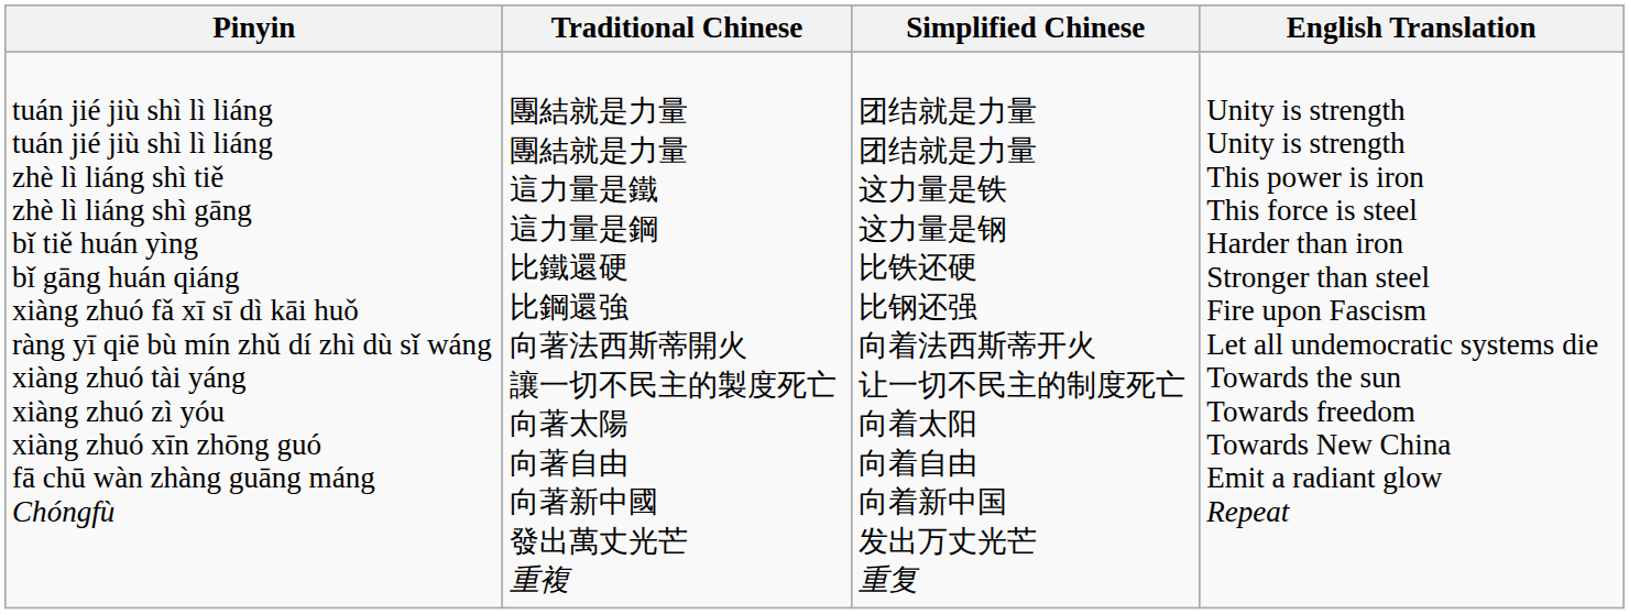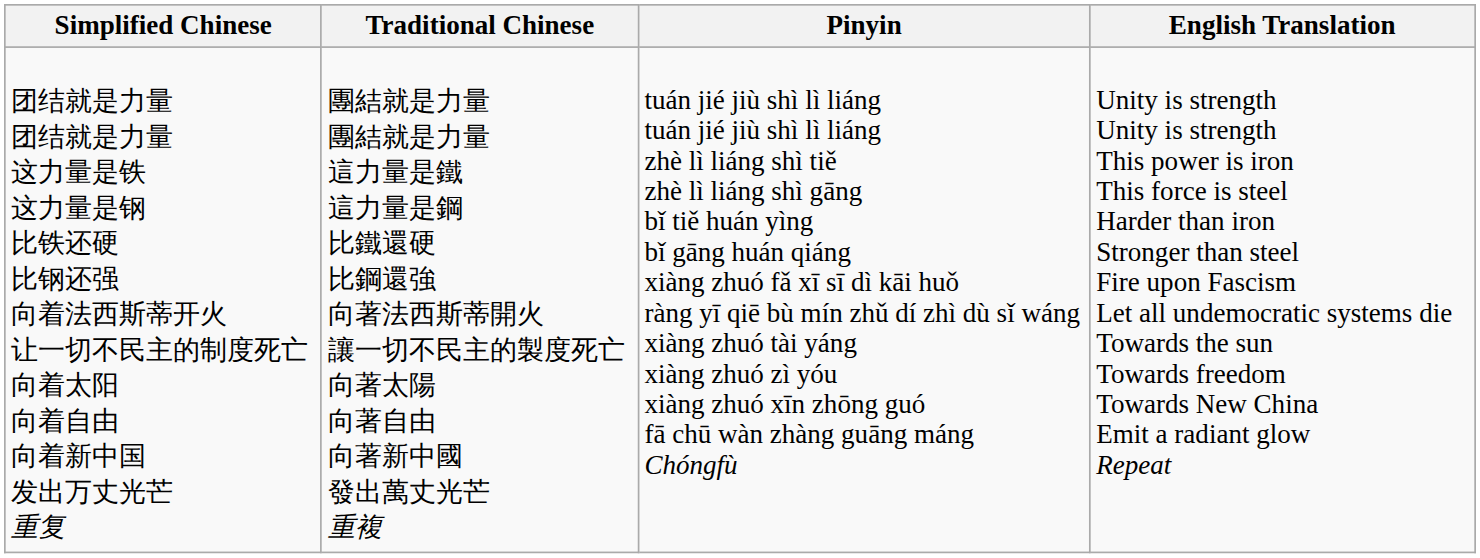 <table class="wikitable">
 <tr>
+<th width="180">Simplified Chinese</th>
+<th width="180">Traditional Chinese</th>
 <th width="260">Pinyin</th>
-<th width="180">Traditional Chinese</th>
-<th width="180">Simplified Chinese</th>
 <th width="220">English Translation</th>
 </tr>
 <tr valign="top">
+<td><br>团结就是力量<br> 团结就是力量<br> 这力量是铁<br> 这力量是钢<br> 比铁还硬<br> 比钢还强<br> 向着法西斯蒂开火<br> 让一切不民主的制度死亡<br> 向着太阳<br> 向着自由<br> 向着新中国<br> 发出万丈光芒<br><em>重复</em></td>
+<td><br>團結就是力量<br> 團結就是力量<br> 這力量是鐵<br> 這力量是鋼<br> 比鐵還硬<br> 比鋼還強<br> 向著法西斯蒂開火<br> 讓一切不民主的製度死亡<br> 向著太陽<br> 向著自由<br> 向著新中國<br> 發出萬丈光芒<br><em>重複</em></td>
 <td><br>tuán jié jiù shì lì liáng <br> tuán jié jiù shì lì liáng <br> zhè lì liáng shì tiě <br> zhè lì liáng shì gāng <br> bǐ tiě huán yìng <br> bǐ gāng huán qiáng <br> xiàng zhuó fǎ xī sī dì kāi huǒ <br> ràng yī qiē bù mín zhǔ dí zhì dù sǐ wáng <br> xiàng zhuó tài yáng <br> xiàng zhuó zì yóu <br> xiàng zhuó xīn zhōng guó <br> fā chū wàn zhàng guāng máng<br><em>Chóngfù</em></td>
-<td><br>團結就是力量<br> 團結就是力量<br> 這力量是鐵<br> 這力量是鋼<br> 比鐵還硬<br> 比鋼還強<br> 向著法西斯蒂開火<br> 讓一切不民主的製度死亡<br> 向著太陽<br> 向著自由<br> 向著新中國<br> 發出萬丈光芒<br><em>重複</em></td>
-<td><br>团结就是力量<br> 团结就是力量<br> 这力量是铁<br> 这力量是钢<br> 比铁还硬<br> 比钢还强<br> 向着法西斯蒂开火<br> 让一切不民主的制度死亡<br> 向着太阳<br> 向着自由<br> 向着新中国<br> 发出万丈光芒<br><em>重复</em></td>
 <td><br>Unity is strength<br> Unity is strength<br> This power is iron<br> This force is steel<br> Harder than iron<br> Stronger than steel<br> Fire upon Fascism<br> Let all undemocratic systems die<br> Towards the sun<br> Towards freedom<br> Towards New China<br> Emit a radiant glow<br><em>Repeat</em></td>
 </tr>
 </table>
